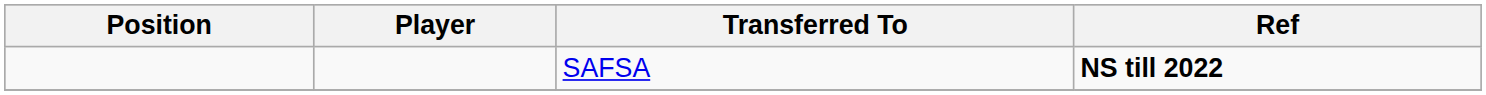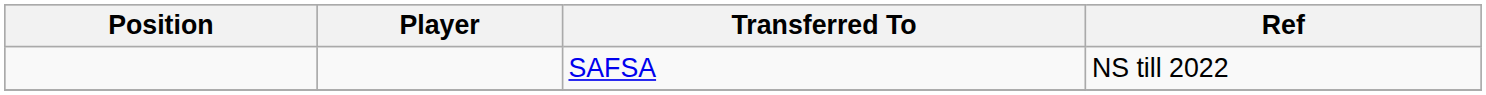 <table class="wikitable sortable" style="width:70%; text-align:center; font-size:100%; text-align:left;">
 <tr>
 <th><strong>Position</strong></th>
 <th><strong>Player</strong></th>
 <th><strong>Transferred To</strong></th>
 <th><strong>Ref</strong></th>
 </tr>
 <tr>
 <td></td>
 <td></td>
 <td> <a href='#'>SAFSA</a></td>
-<td><strong>NS till 2022</strong></td>
+<td>NS till 2022</td>
 </tr>
 <tr>
 </tr>
 </table>
